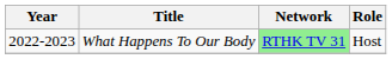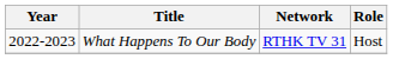 <table class="wikitable plainrowheaders">
 <tr>
 <th scope="col">Year</th>
 <th scope="col">Title</th>
 <th scope="col">Network</th>
 <th scope="col">Role</th>
 </tr>
 <tr>
 <td>2022-2023</td>
 <td><em>What Happens To Our Body</em></td>
-<td style="background: lightgreen;"><a href='#'>RTHK TV 31</a></td>
+<td><a href='#'>RTHK TV 31</a></td>
 <td>Host</td>
 </tr>
 <tr>
 </tr>
 </table>
